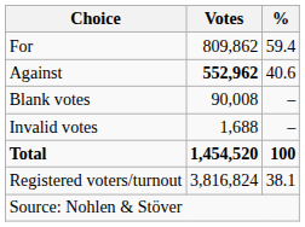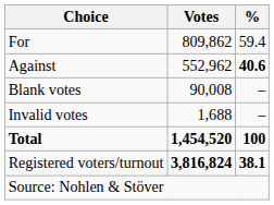 <table class=wikitable style=text-align:right>
 <tr>
 <th>Choice</th>
 <th>Votes</th>
 <th>%</th>
 </tr>
 <tr>
 <td align=left>For</td>
 <td>809,862</td>
 <td>59.4</td>
 </tr>
 <tr>
 <td align=left>Against</td>
-<td><strong>552,962</strong></td>
-<td>40.6</td>
+<td>552,962</td>
+<td><strong>40.6</strong></td>
 </tr>
 <tr>
 <td align=left>Blank votes</td>
 <td>90,008</td>
 <td>–</td>
 </tr>
 <tr>
 <td align=left>Invalid votes</td>
 <td>1,688</td>
 <td>–</td>
 </tr>
 <tr>
 <td align=left><strong>Total</strong></td>
 <td><strong>1,454,520</strong></td>
 <td><strong>100</strong></td>
 </tr>
 <tr>
 <td align=left>Registered voters/turnout</td>
-<td>3,816,824</td>
-<td>38.1</td>
+<td><strong>3,816,824</strong></td>
+<td><strong>38.1</strong></td>
 </tr>
 <tr>
 <td align=left colspan=3>Source: Nohlen & Stöver</td>
 </tr>
 </table>
